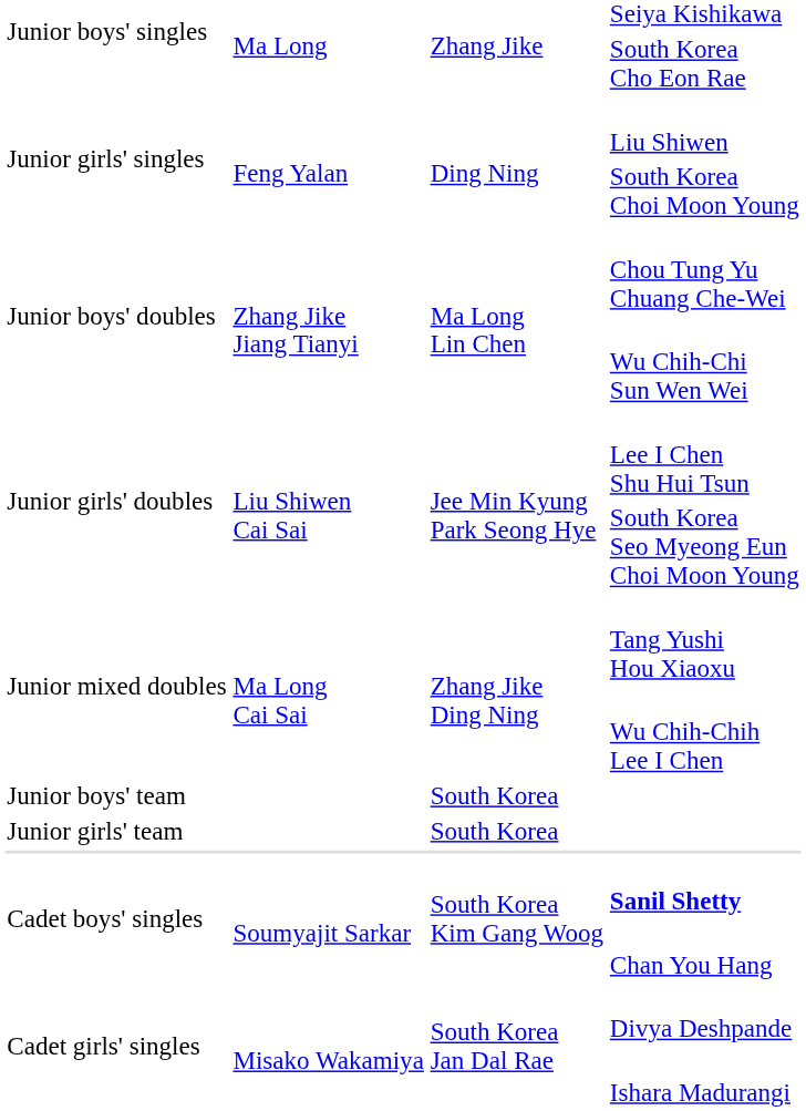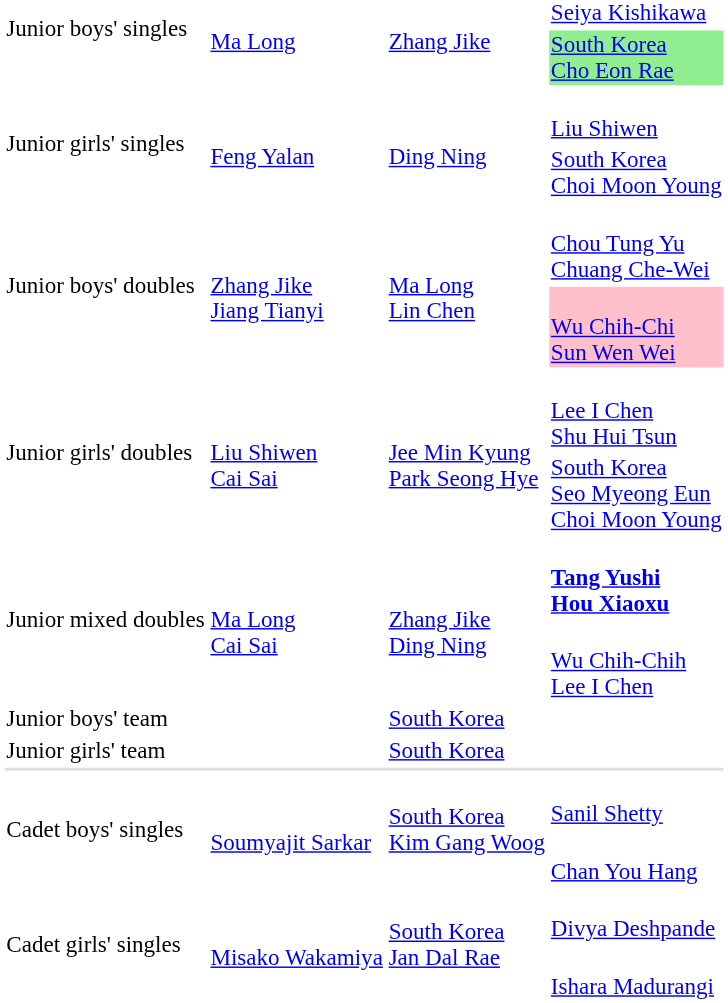 <table>
 <tr>
 <td rowspan=2>Junior boys' singles</td>
 <td rowspan=2><br><a href='#'>Ma Long</a></td>
 <td rowspan=2><br><a href='#'>Zhang Jike</a></td>
 <td><br><a href='#'>Seiya Kishikawa</a></td>
 </tr>
 <tr>
-<td> <a href='#'>South Korea</a><br><a href='#'>Cho Eon Rae</a></td>
+<td style="background: lightgreen;"> <a href='#'>South Korea</a><br><a href='#'>Cho Eon Rae</a></td>
 </tr>
 <tr>
 <td rowspan=2>Junior girls' singles</td>
 <td rowspan=2><br><a href='#'>Feng Yalan</a></td>
 <td rowspan=2><br><a href='#'>Ding Ning</a></td>
 <td><br><a href='#'>Liu Shiwen</a></td>
 </tr>
 <tr>
 <td> <a href='#'>South Korea</a><br><a href='#'>Choi Moon Young</a></td>
 </tr>
 <tr>
 <td rowspan=2>Junior boys' doubles</td>
 <td rowspan=2><br><a href='#'>Zhang Jike</a><br><a href='#'>Jiang Tianyi</a></td>
 <td rowspan=2><br><a href='#'>Ma Long</a><br><a href='#'>Lin Chen</a></td>
 <td><br><a href='#'>Chou Tung Yu</a><br><a href='#'>Chuang Che-Wei</a></td>
 </tr>
 <tr>
-<td><br><a href='#'>Wu Chih-Chi</a><br><a href='#'>Sun Wen Wei</a></td>
+<td style="background: pink;"><br><a href='#'>Wu Chih-Chi</a><br><a href='#'>Sun Wen Wei</a></td>
 </tr>
 <tr>
 <td rowspan=2>Junior girls' doubles</td>
 <td rowspan=2><br><a href='#'>Liu Shiwen</a><br><a href='#'>Cai Sai</a></td>
 <td rowspan=2><br><a href='#'>Jee Min Kyung</a><br><a href='#'>Park Seong Hye</a></td>
 <td><br><a href='#'>Lee I Chen</a><br><a href='#'>Shu Hui Tsun</a></td>
 </tr>
 <tr>
 <td> <a href='#'>South Korea</a><br><a href='#'>Seo Myeong Eun</a><br><a href='#'>Choi Moon Young</a></td>
 </tr>
 <tr>
 <td rowspan=2>Junior mixed doubles</td>
 <td rowspan=2><br><a href='#'>Ma Long</a><br><a href='#'>Cai Sai</a></td>
 <td rowspan=2><br><a href='#'>Zhang Jike</a><br><a href='#'>Ding Ning</a></td>
-<td><br><a href='#'>Tang Yushi</a><br><a href='#'>Hou Xiaoxu</a></td>
+<td><strong><br><a href='#'>Tang Yushi</a><br><a href='#'>Hou Xiaoxu</a></strong></td>
 </tr>
 <tr>
 <td><br><a href='#'>Wu Chih-Chih</a><br><a href='#'>Lee I Chen</a></td>
 </tr>
 <tr>
 <td rowspan=2>Junior boys' team</td>
 <td rowspan=2></td>
 <td rowspan=2> <a href='#'>South Korea</a></td>
 <td></td>
 </tr>
 <tr>
 <td></td>
 </tr>
 <tr>
 <td rowspan=2>Junior girls' team</td>
 <td rowspan=2></td>
 <td rowspan=2> <a href='#'>South Korea</a></td>
 <td></td>
 </tr>
 <tr>
 <td></td>
 </tr>
 <tr style="background:#dddddd;">
 <td colspan=7></td>
 </tr>
 <tr>
 <td rowspan=2>Cadet boys' singles</td>
 <td rowspan=2><br><a href='#'>Soumyajit Sarkar</a></td>
 <td rowspan=2> <a href='#'>South Korea</a><br><a href='#'>Kim Gang Woog</a></td>
-<td><strong><br><a href='#'>Sanil Shetty</a></strong></td>
+<td><br><a href='#'>Sanil Shetty</a></td>
 </tr>
 <tr>
 <td><br><a href='#'>Chan You Hang</a></td>
 </tr>
 <tr>
 <td rowspan=2>Cadet girls' singles</td>
 <td rowspan=2><br><a href='#'>Misako Wakamiya</a></td>
 <td rowspan=2> <a href='#'>South Korea</a><br><a href='#'>Jan Dal Rae</a></td>
 <td><br><a href='#'>Divya Deshpande</a></td>
 </tr>
 <tr>
 <td><br><a href='#'>Ishara Madurangi</a></td>
 </tr>
 </table>
